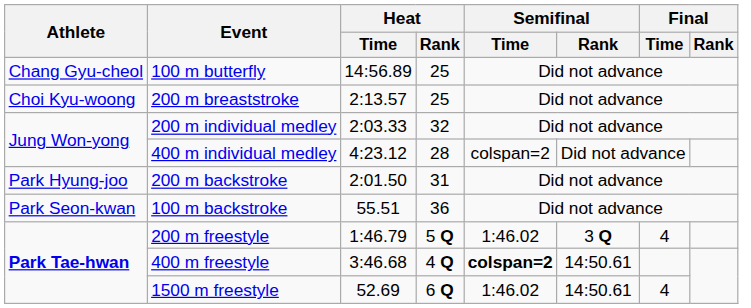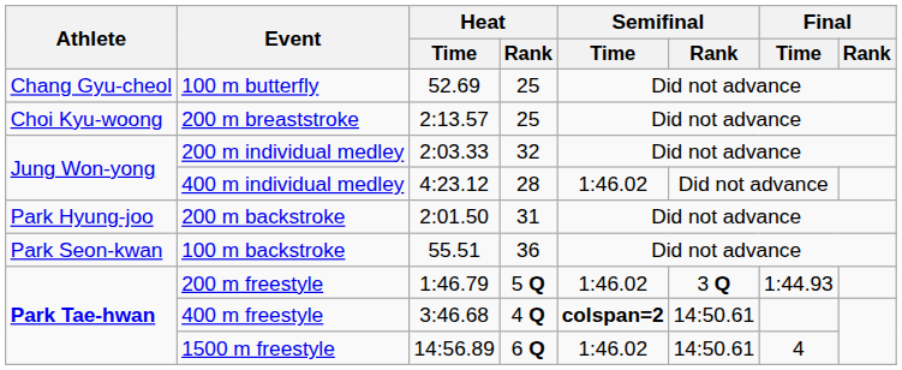 <table class=wikitable style="font-size:90%">
 <tr>
 <th rowspan=2>Athlete</th>
 <th rowspan=2>Event</th>
 <th colspan="2">Heat</th>
 <th colspan="2">Semifinal</th>
 <th colspan="2">Final</th>
 </tr>
 <tr style="font-size:95%">
 <th>Time</th>
 <th>Rank</th>
 <th>Time</th>
 <th>Rank</th>
 <th>Time</th>
 <th>Rank</th>
 </tr>
 <tr align=center>
 <td align=left><a href='#'>Chang Gyu-cheol</a></td>
 <td align=left><a href='#'>100 m butterfly</a></td>
-<td>14:56.89</td>
+<td>52.69</td>
 <td>25</td>
 <td colspan=4>Did not advance</td>
 </tr>
 <tr align=center>
 <td align=left><a href='#'>Choi Kyu-woong</a></td>
 <td align=left><a href='#'>200 m breaststroke</a></td>
 <td>2:13.57</td>
 <td>25</td>
 <td colspan=4>Did not advance</td>
 </tr>
 <tr align=center>
 <td align=left rowspan=2><a href='#'>Jung Won-yong</a></td>
 <td align=left><a href='#'>200 m individual medley</a></td>
 <td>2:03.33</td>
 <td>32</td>
 <td colspan=4>Did not advance</td>
 </tr>
 <tr align=center>
 <td align=left><a href='#'>400 m individual medley</a></td>
 <td>4:23.12</td>
 <td>28</td>
-<td>colspan=2 </td>
+<td>1:46.02</td>
 <td colspan=2>Did not advance</td>
 </tr>
 <tr align=center>
 <td align=left><a href='#'>Park Hyung-joo</a></td>
 <td align=left><a href='#'>200 m backstroke</a></td>
 <td>2:01.50</td>
 <td>31</td>
 <td colspan=4>Did not advance</td>
 </tr>
 <tr align=center>
 <td align=left><a href='#'>Park Seon-kwan</a></td>
 <td align=left><a href='#'>100 m backstroke</a></td>
 <td>55.51</td>
 <td>36</td>
 <td colspan=4>Did not advance</td>
 </tr>
 <tr align=center>
 <td align=left rowspan=3><strong><a href='#'>Park Tae-hwan</a></strong></td>
 <td align=left><a href='#'>200 m freestyle</a></td>
 <td>1:46.79</td>
 <td>5 <strong>Q</strong></td>
 <td>1:46.02</td>
 <td>3 <strong>Q</strong></td>
-<td>4</td>
+<td>1:44.93</td>
 <td></td>
 </tr>
 <tr align=center>
 <td align=left><a href='#'>400 m freestyle</a></td>
 <td>3:46.68</td>
 <td>4 <strong>Q</strong></td>
 <td><strong>colspan=2 </strong></td>
 <td>14:50.61</td>
 <td></td>
 </tr>
 <tr align=center>
 <td align=left><a href='#'>1500 m freestyle</a></td>
-<td>52.69</td>
+<td>14:56.89</td>
 <td>6 <strong>Q</strong></td>
 <td>1:46.02</td>
 <td>14:50.61</td>
 <td>4</td>
 </tr>
 </table>
